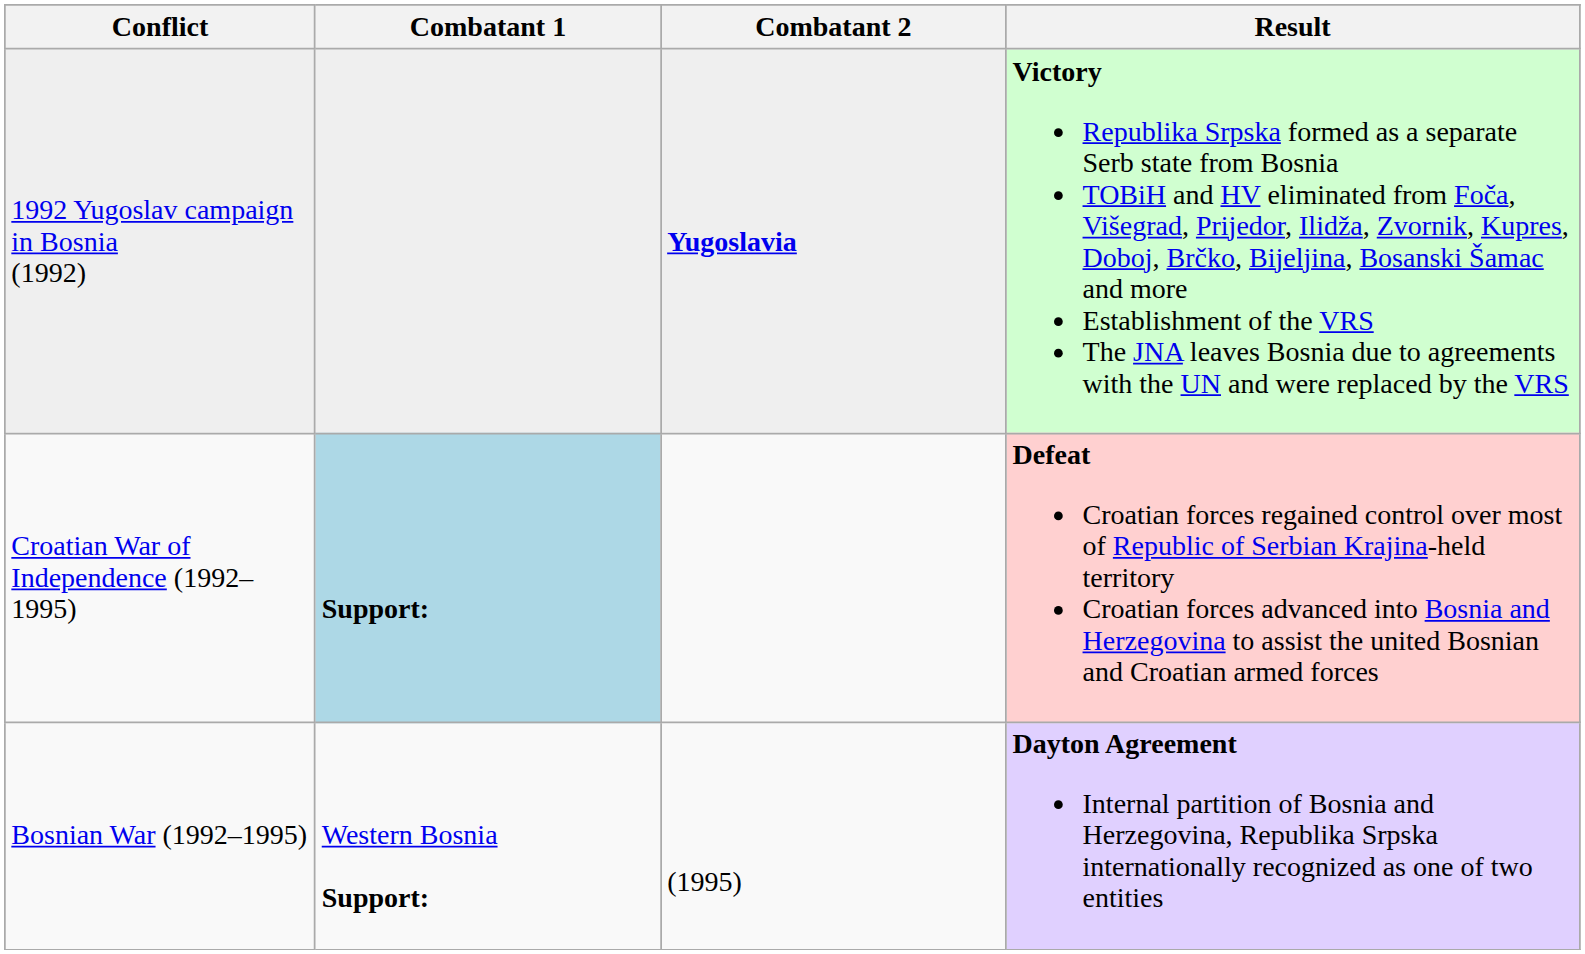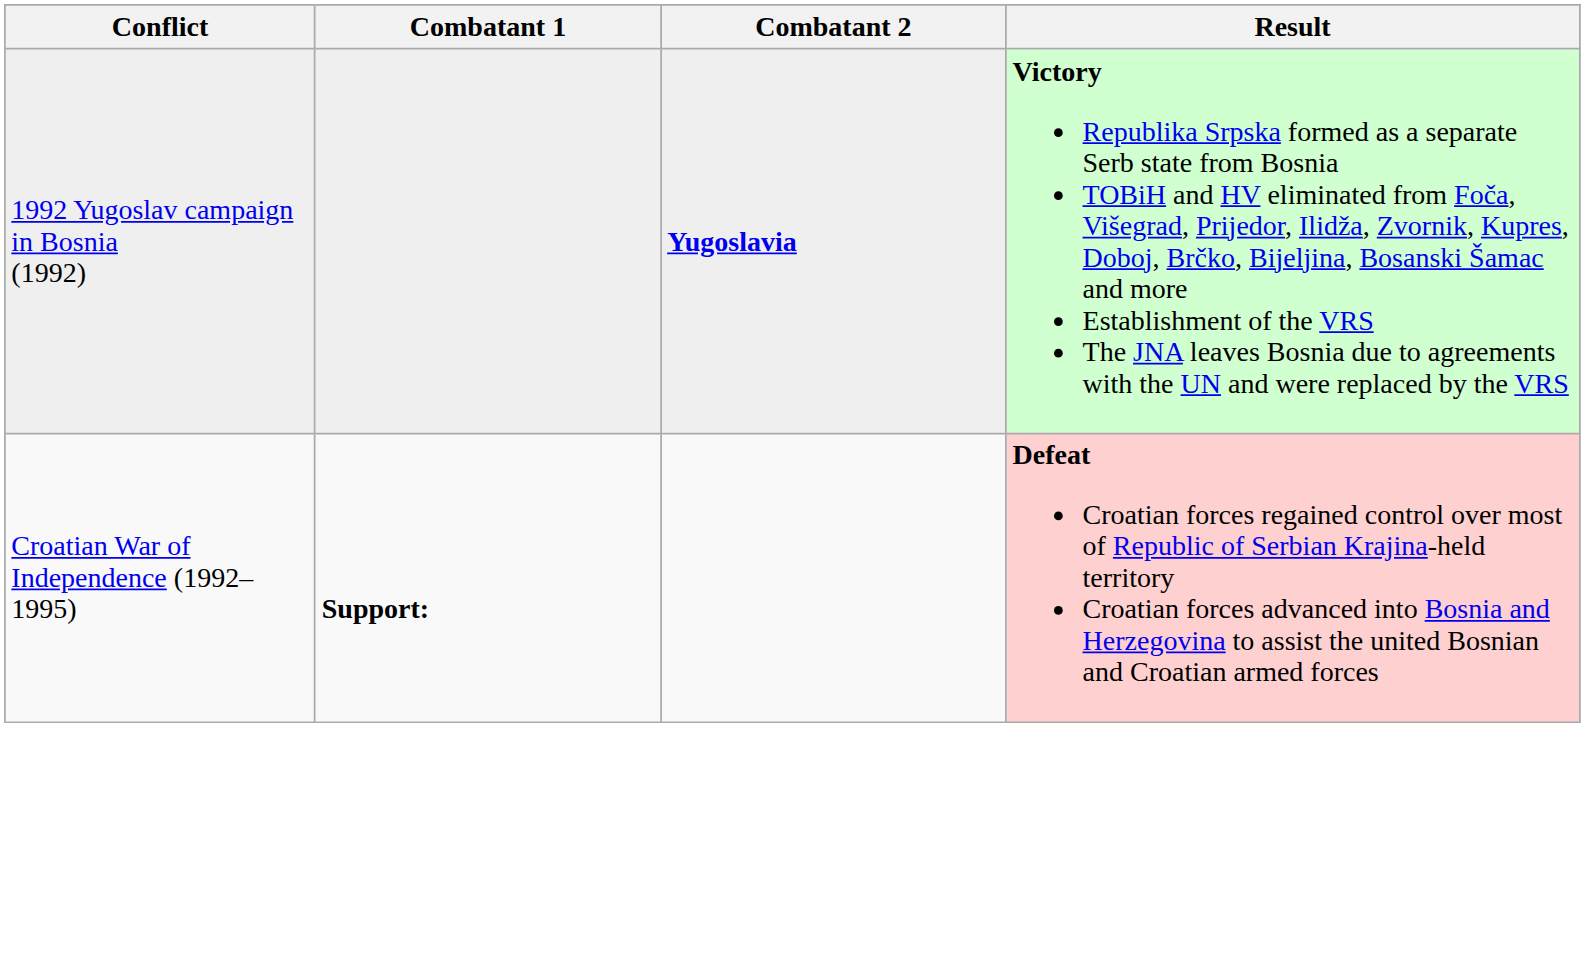 <table class="wikitable">
 <tr>
 <th width="170px">Conflict</th>
 <th width="190px">Combatant 1</th>
 <th width="190px">Combatant 2</th>
 <th width="320px">Result</th>
 </tr>
 <tr>
 <td style="background:#efefef"><a href='#'>1992 Yugoslav campaign in Bosnia</a><br>(1992)</td>
 <td style="background:#efefef"><br><br></td>
 <td style="background:#efefef"><strong> <a href='#'>Yugoslavia</a><br></strong></td>
 <td style="background:#D0FFD0"><strong>Victory</strong><br><ul><li><a href='#'>Republika Srpska</a> formed as a separate Serb state from Bosnia</li><li><a href='#'>TOBiH</a> and <a href='#'>HV</a> eliminated from <a href='#'>Foča</a>, <a href='#'>Višegrad</a>, <a href='#'>Prijedor</a>, <a href='#'>Ilidža</a>, <a href='#'>Zvornik</a>, <a href='#'>Kupres</a>, <a href='#'>Doboj</a>, <a href='#'>Brčko</a>, <a href='#'>Bijeljina</a>, <a href='#'>Bosanski Šamac</a> and more</li><li>Establishment of the <a href='#'>VRS</a></li><li>The <a href='#'>JNA</a> leaves Bosnia due to agreements with the <a href='#'>UN</a> and were replaced by the <a href='#'>VRS</a></li></ul></td>
 </tr>
 <tr>
 <td><a href='#'>Croatian War of Independence</a> (1992–1995)</td>
-<td style="background: lightblue;"><br><br><strong>Support:</strong><br></td>
+<td><br><br><strong>Support:</strong><br></td>
 <td><br></td>
 <td style="background:#FFD0D0"><strong>Defeat</strong><br><ul><li>Croatian forces regained control over most of <a href='#'>Republic of Serbian Krajina</a>-held territory</li><li>Croatian forces advanced into <a href='#'>Bosnia and Herzegovina</a> to assist the united Bosnian and Croatian armed forces</li></ul></td>
 </tr>
-<tr>
-<td><a href='#'>Bosnian War</a> (1992–1995)</td>
-<td><br><br> <a href='#'>Western Bosnia</a><br><br><strong>Support:</strong><br> </td>
-<td><br><br><br> (1995)</td>
-<td style="background:#E0D0FF"><strong>Dayton Agreement</strong><br><ul><li>Internal partition of Bosnia and Herzegovina, Republika Srpska internationally recognized as one of two entities</li></ul></td>
-</tr>
 </table>
